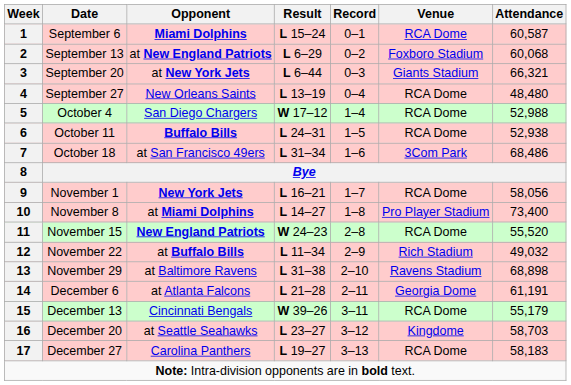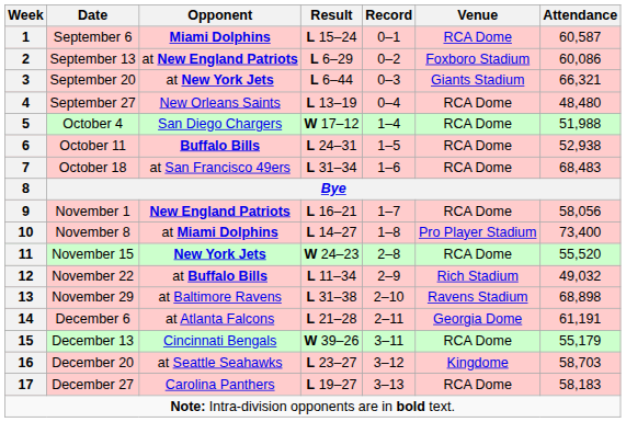 <table class="wikitable" style="text-align:center">
 <tr>
 <th>Week</th>
 <th>Date</th>
 <th>Opponent</th>
 <th>Result</th>
 <th>Record</th>
 <th>Venue</th>
 <th>Attendance</th>
 </tr>
 <tr style="background:#fcc">
 <th>1</th>
 <td>September 6</td>
 <td><strong><a href='#'>Miami Dolphins</a></strong></td>
 <td><strong>L</strong> 15–24</td>
 <td>0–1</td>
 <td><a href='#'>RCA Dome</a></td>
 <td>60,587</td>
 </tr>
 <tr style="background:#fcc">
 <th>2</th>
 <td>September 13</td>
 <td>at <strong><a href='#'>New England Patriots</a></strong></td>
 <td><strong>L</strong> 6–29</td>
 <td>0–2</td>
 <td><a href='#'>Foxboro Stadium</a></td>
-<td>60,068</td>
+<td>60,086</td>
 </tr>
 <tr style="background:#fcc">
 <th>3</th>
 <td>September 20</td>
 <td>at <strong><a href='#'>New York Jets</a></strong></td>
 <td><strong>L</strong> 6–44</td>
 <td>0–3</td>
 <td><a href='#'>Giants Stadium</a></td>
 <td>66,321</td>
 </tr>
 <tr style="background:#fcc">
 <th>4</th>
 <td>September 27</td>
 <td><a href='#'>New Orleans Saints</a></td>
 <td><strong>L</strong> 13–19 </td>
 <td>0–4</td>
 <td>RCA Dome</td>
 <td>48,480</td>
 </tr>
 <tr style="background:#cfc">
 <th>5</th>
 <td>October 4</td>
 <td><a href='#'>San Diego Chargers</a></td>
 <td><strong>W</strong> 17–12</td>
 <td>1–4</td>
 <td>RCA Dome</td>
-<td>52,988</td>
+<td>51,988</td>
 </tr>
 <tr style="background:#fcc">
 <th>6</th>
 <td>October 11</td>
 <td><strong><a href='#'>Buffalo Bills</a></strong></td>
 <td><strong>L</strong> 24–31</td>
 <td>1–5</td>
 <td>RCA Dome</td>
 <td>52,938</td>
 </tr>
 <tr style="background:#fcc">
 <th>7</th>
 <td>October 18</td>
 <td>at <a href='#'>San Francisco 49ers</a></td>
 <td><strong>L</strong> 31–34</td>
 <td>1–6</td>
-<td><a href='#'>3Com Park</a></td>
-<td>68,486</td>
+<td>RCA Dome</td>
+<td>68,483</td>
 </tr>
 <tr>
 <th>8</th>
 <th colspan="6"><em><a href='#'>Bye</a></em></th>
 </tr>
 <tr style="background:#fcc">
 <th>9</th>
 <td>November 1</td>
-<td><strong><a href='#'>New York Jets</a></strong></td>
+<td><strong><a href='#'>New England Patriots</a></strong></td>
 <td><strong>L</strong> 16–21</td>
 <td>1–7</td>
 <td>RCA Dome</td>
 <td>58,056</td>
 </tr>
 <tr style="background:#fcc">
 <th>10</th>
 <td>November 8</td>
 <td>at <strong><a href='#'>Miami Dolphins</a></strong></td>
 <td><strong>L</strong> 14–27</td>
 <td>1–8</td>
 <td><a href='#'>Pro Player Stadium</a></td>
 <td>73,400</td>
 </tr>
 <tr style="background:#cfc">
 <th>11</th>
 <td>November 15</td>
-<td><strong><a href='#'>New England Patriots</a></strong></td>
+<td><strong><a href='#'>New York Jets</a></strong></td>
 <td><strong>W</strong> 24–23</td>
 <td>2–8</td>
 <td>RCA Dome</td>
 <td>55,520</td>
 </tr>
 <tr style="background:#fcc">
 <th>12</th>
 <td>November 22</td>
 <td>at <strong><a href='#'>Buffalo Bills</a></strong></td>
 <td><strong>L</strong> 11–34</td>
 <td>2–9</td>
 <td><a href='#'>Rich Stadium</a></td>
 <td>49,032</td>
 </tr>
 <tr style="background:#fcc">
 <th>13</th>
 <td>November 29</td>
 <td>at <a href='#'>Baltimore Ravens</a></td>
 <td><strong>L</strong> 31–38</td>
 <td>2–10</td>
 <td><a href='#'>Ravens Stadium</a></td>
 <td>68,898</td>
 </tr>
 <tr style="background:#fcc">
 <th>14</th>
 <td>December 6</td>
 <td>at <a href='#'>Atlanta Falcons</a></td>
 <td><strong>L</strong> 21–28</td>
 <td>2–11</td>
 <td><a href='#'>Georgia Dome</a></td>
 <td>61,191</td>
 </tr>
 <tr style="background:#cfc">
 <th>15</th>
 <td>December 13</td>
 <td><a href='#'>Cincinnati Bengals</a></td>
 <td><strong>W</strong> 39–26</td>
 <td>3–11</td>
 <td>RCA Dome</td>
 <td>55,179</td>
 </tr>
 <tr style="background:#fcc">
 <th>16</th>
 <td>December 20</td>
 <td>at <a href='#'>Seattle Seahawks</a></td>
 <td><strong>L</strong> 23–27</td>
 <td>3–12</td>
 <td><a href='#'>Kingdome</a></td>
 <td>58,703</td>
 </tr>
 <tr style="background:#fcc">
 <th>17</th>
 <td>December 27</td>
 <td><a href='#'>Carolina Panthers</a></td>
 <td><strong>L</strong> 19–27</td>
 <td>3–13</td>
 <td>RCA Dome</td>
 <td>58,183</td>
 </tr>
 <tr>
 <td colspan="7"><strong>Note:</strong> Intra-division opponents are in <strong>bold</strong> text.</td>
 </tr>
 </table>
